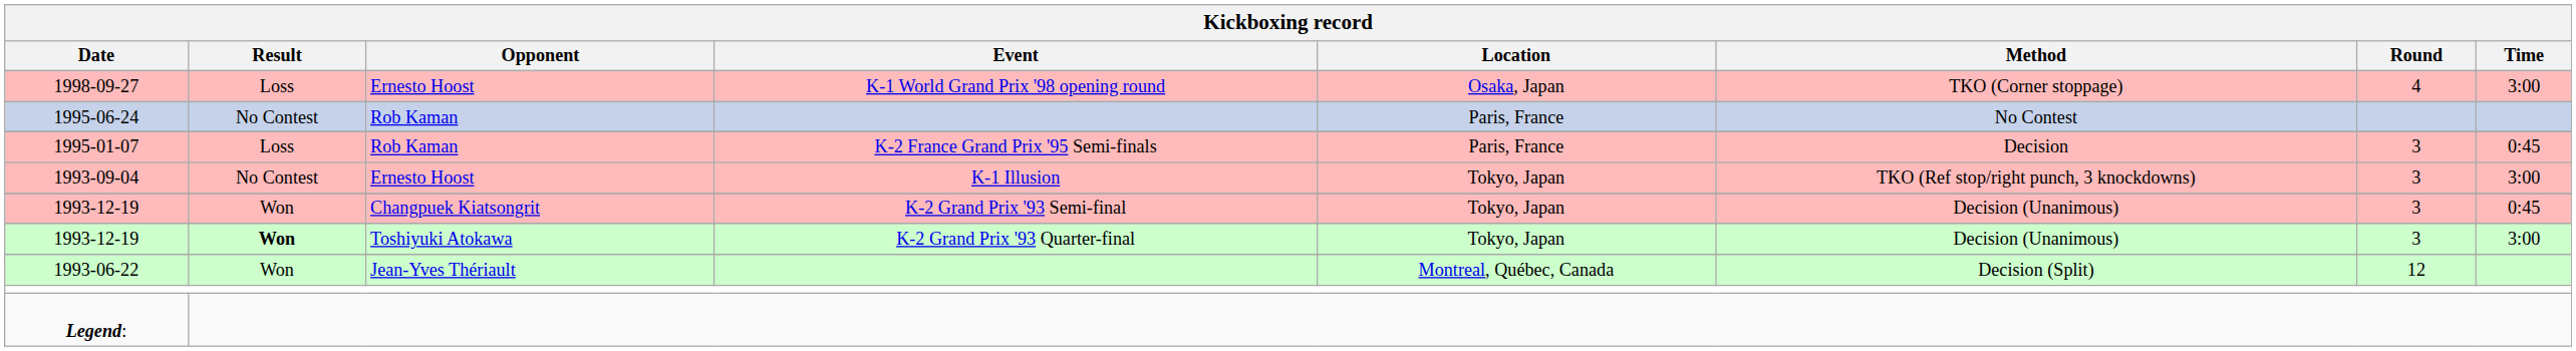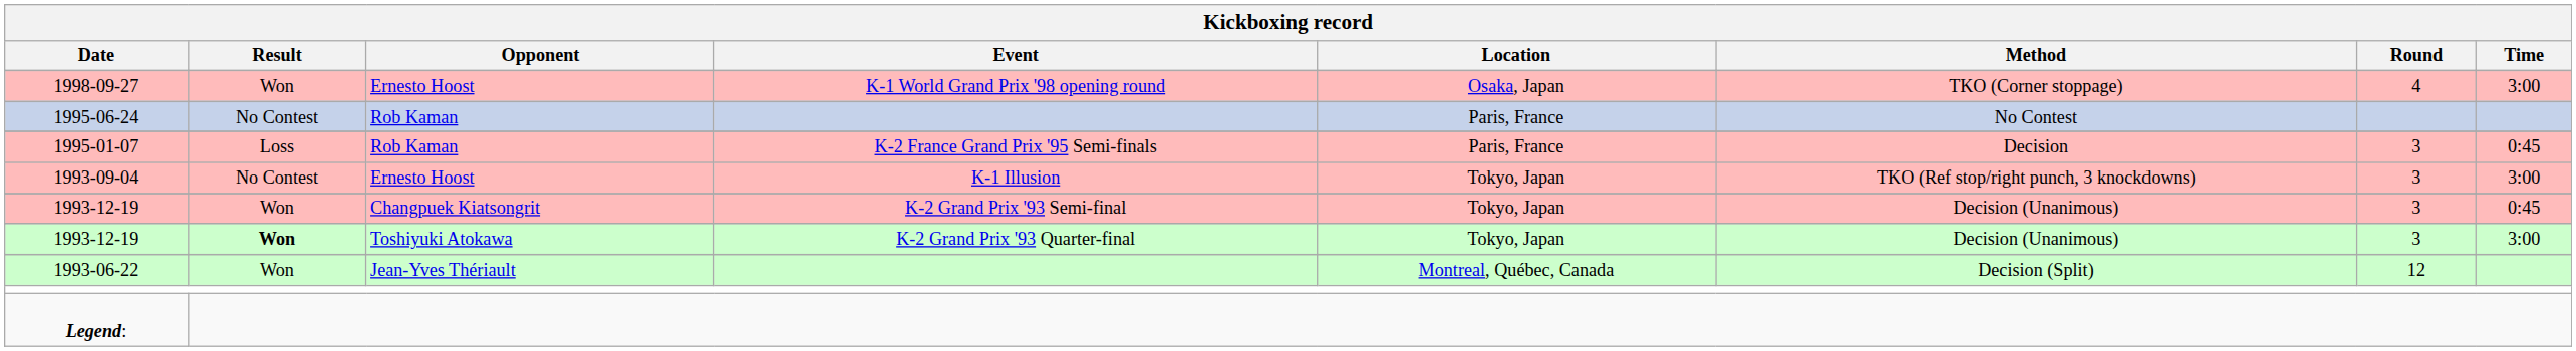 <table class="wikitable collapsible" style="width:100%; font-size:88%; text-align:center;">
 <tr>
 <th colspan=9 style="font-size:116%">Kickboxing record</th>
 </tr>
 <tr>
 <th>Date</th>
 <th>Result</th>
 <th>Opponent</th>
 <th>Event</th>
 <th>Location</th>
 <th>Method</th>
 <th>Round</th>
 <th>Time</th>
 </tr>
 <tr>
 </tr>
 <tr bgcolor="#FFBBBB">
 <td>1998-09-27</td>
-<td>Loss</td>
+<td>Won</td>
 <td align=left> <a href='#'>Ernesto Hoost</a></td>
 <td><a href='#'>K-1 World Grand Prix '98 opening round</a></td>
 <td><a href='#'>Osaka</a>, Japan</td>
 <td>TKO (Corner stoppage)</td>
 <td>4</td>
 <td>3:00</td>
 </tr>
 <tr>
 </tr>
 <tr bgcolor="#c5d2ea">
 <td>1995-06-24</td>
 <td>No Contest</td>
 <td align=left> <a href='#'>Rob Kaman</a></td>
 <td></td>
 <td>Paris, France</td>
 <td>No Contest</td>
 <td></td>
 <td></td>
 </tr>
 <tr>
 </tr>
 <tr bgcolor="#FFBBBB">
 <td>1995-01-07</td>
 <td>Loss</td>
 <td align=left> <a href='#'>Rob Kaman</a></td>
 <td><a href='#'>K-2 France Grand Prix '95</a> Semi-finals</td>
 <td>Paris, France</td>
 <td>Decision</td>
 <td>3</td>
 <td>0:45</td>
 </tr>
 <tr bgcolor="#FFBBBB">
 <td>1993-09-04</td>
 <td>No Contest</td>
 <td align=left> <a href='#'>Ernesto Hoost</a></td>
 <td><a href='#'>K-1 Illusion</a></td>
 <td>Tokyo, Japan</td>
 <td>TKO (Ref stop/right punch, 3 knockdowns)</td>
 <td>3</td>
 <td>3:00</td>
 </tr>
 <tr>
 </tr>
 <tr bgcolor="#FFBBBB">
 <td>1993-12-19</td>
 <td>Won</td>
 <td align=left> <a href='#'>Changpuek Kiatsongrit</a></td>
 <td><a href='#'>K-2 Grand Prix '93</a> Semi-final</td>
 <td>Tokyo, Japan</td>
 <td>Decision (Unanimous)</td>
 <td>3</td>
 <td>0:45</td>
 </tr>
 <tr>
 </tr>
 <tr bgcolor="#CCFFCC">
 <td>1993-12-19</td>
 <td><strong>Won</strong></td>
 <td align=left> <a href='#'>Toshiyuki Atokawa</a></td>
 <td><a href='#'>K-2 Grand Prix '93</a> Quarter-final</td>
 <td>Tokyo, Japan</td>
 <td>Decision (Unanimous)</td>
 <td>3</td>
 <td>3:00</td>
 </tr>
 <tr>
 </tr>
 <tr bgcolor="#CCFFCC">
 <td>1993-06-22</td>
 <td>Won</td>
 <td align=left> <a href='#'>Jean-Yves Thériault</a></td>
 <td></td>
 <td><a href='#'>Montreal</a>, Québec, Canada</td>
 <td>Decision (Split)</td>
 <td>12</td>
 <td></td>
 </tr>
 <tr>
 <th style=background:white colspan=9></th>
 </tr>
 <tr>
 <td colspan-9><br><strong><em>Legend</em></strong>:    </td>
 </tr>
 </table>
